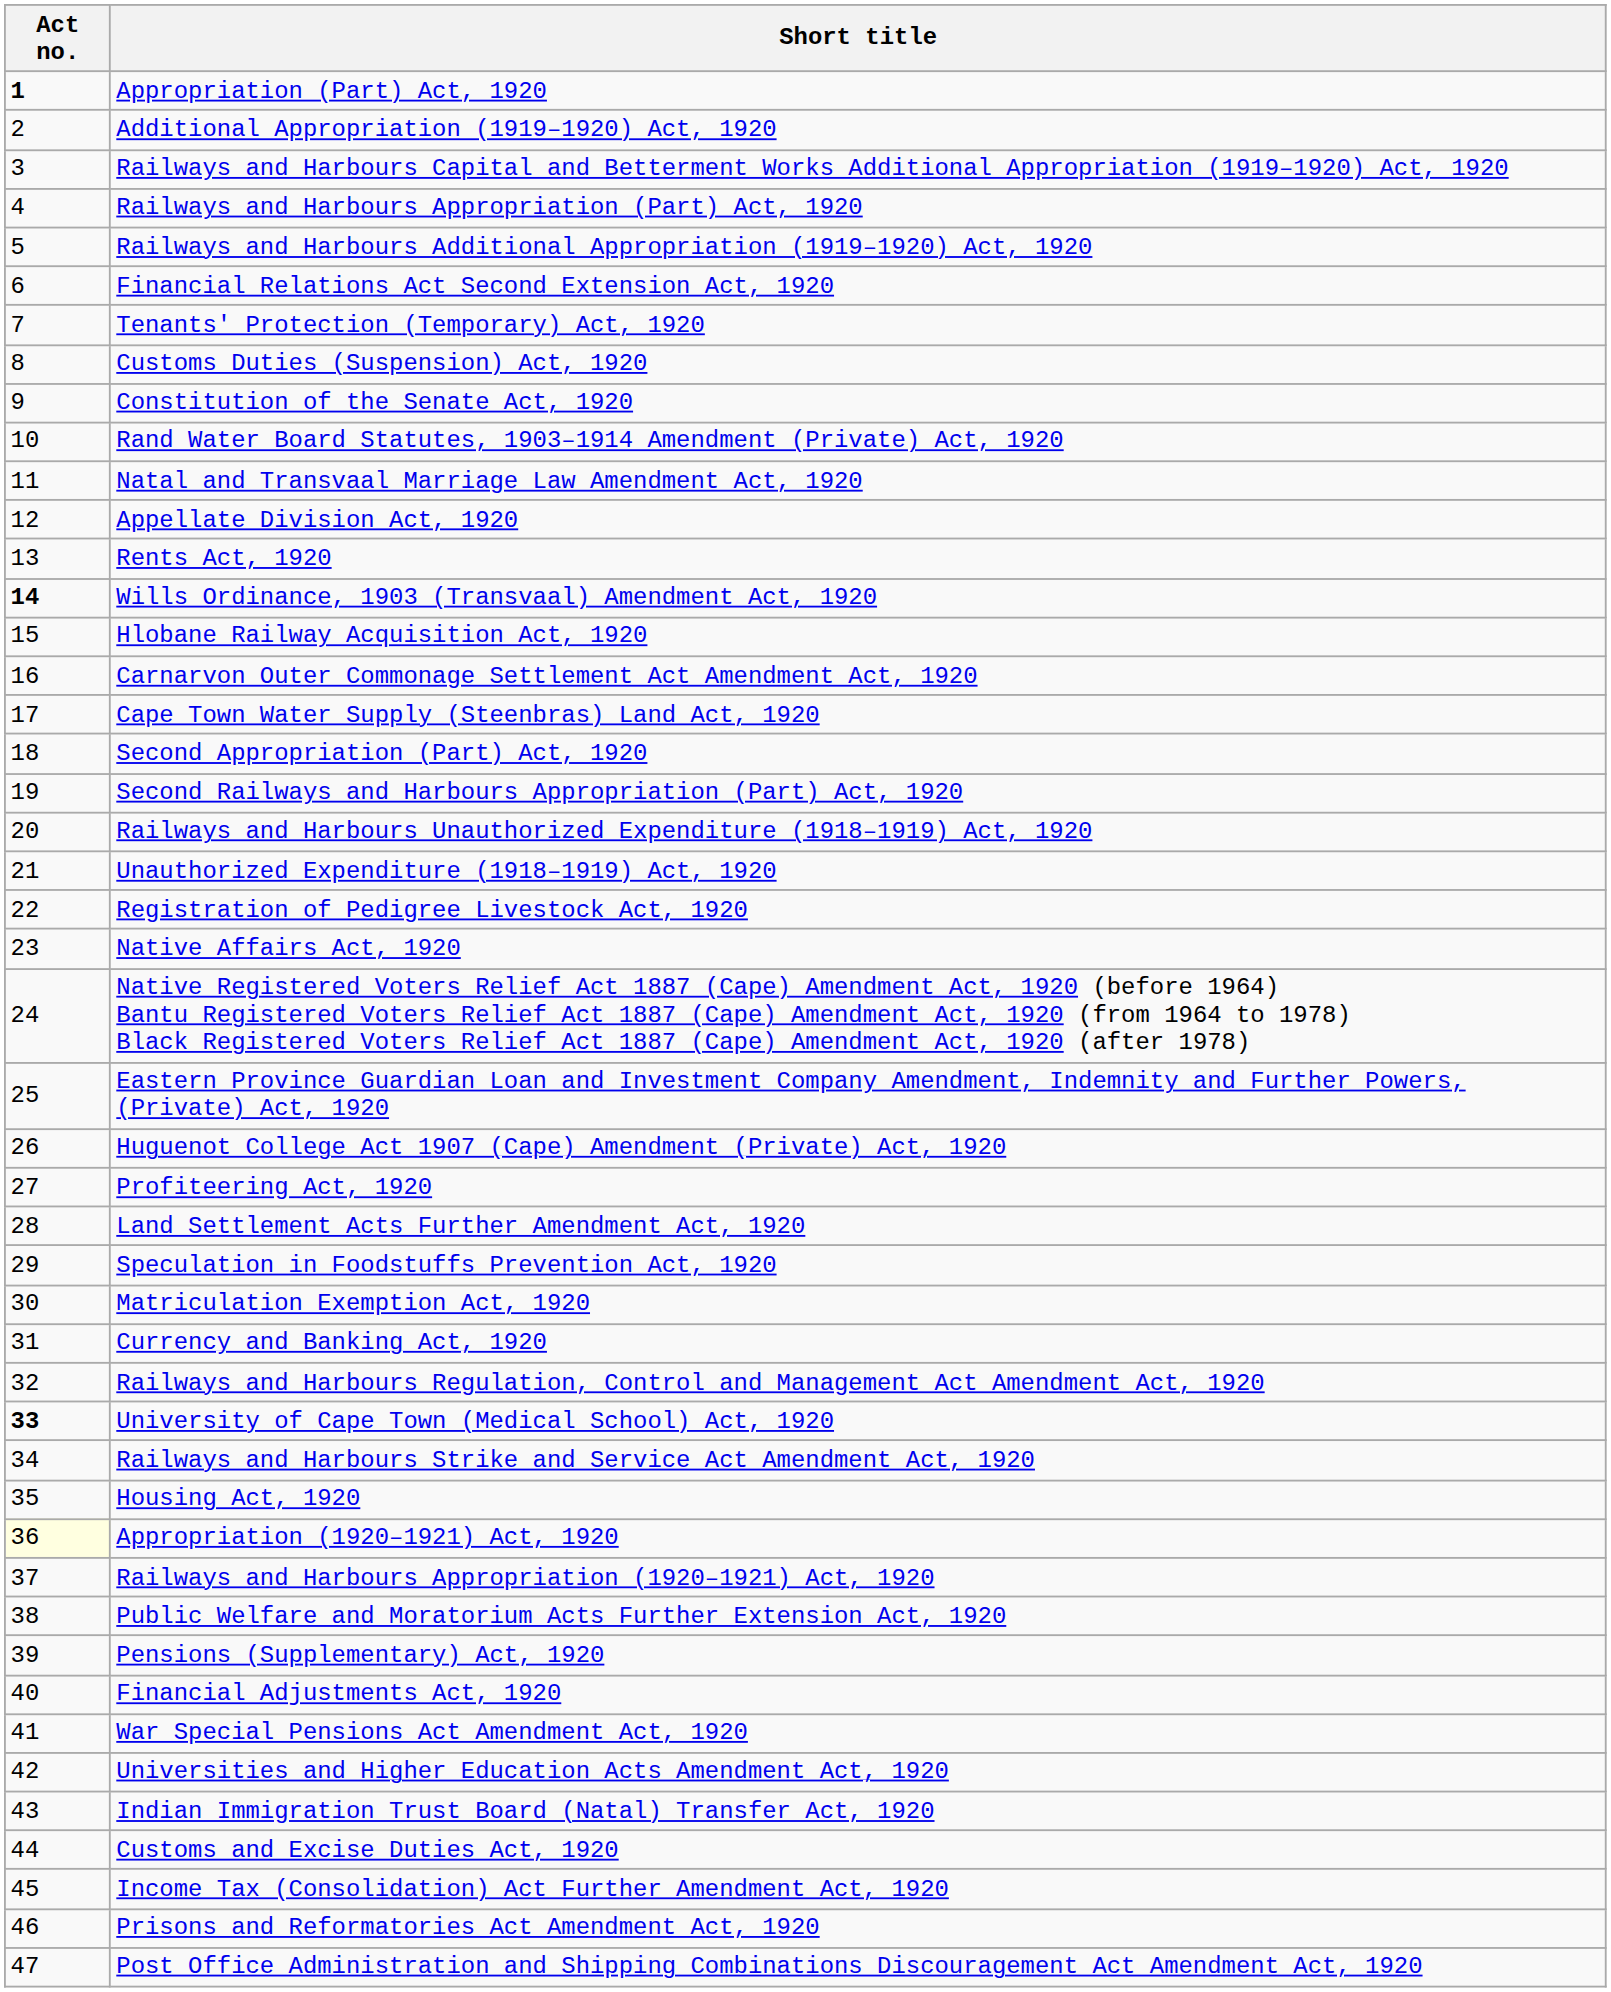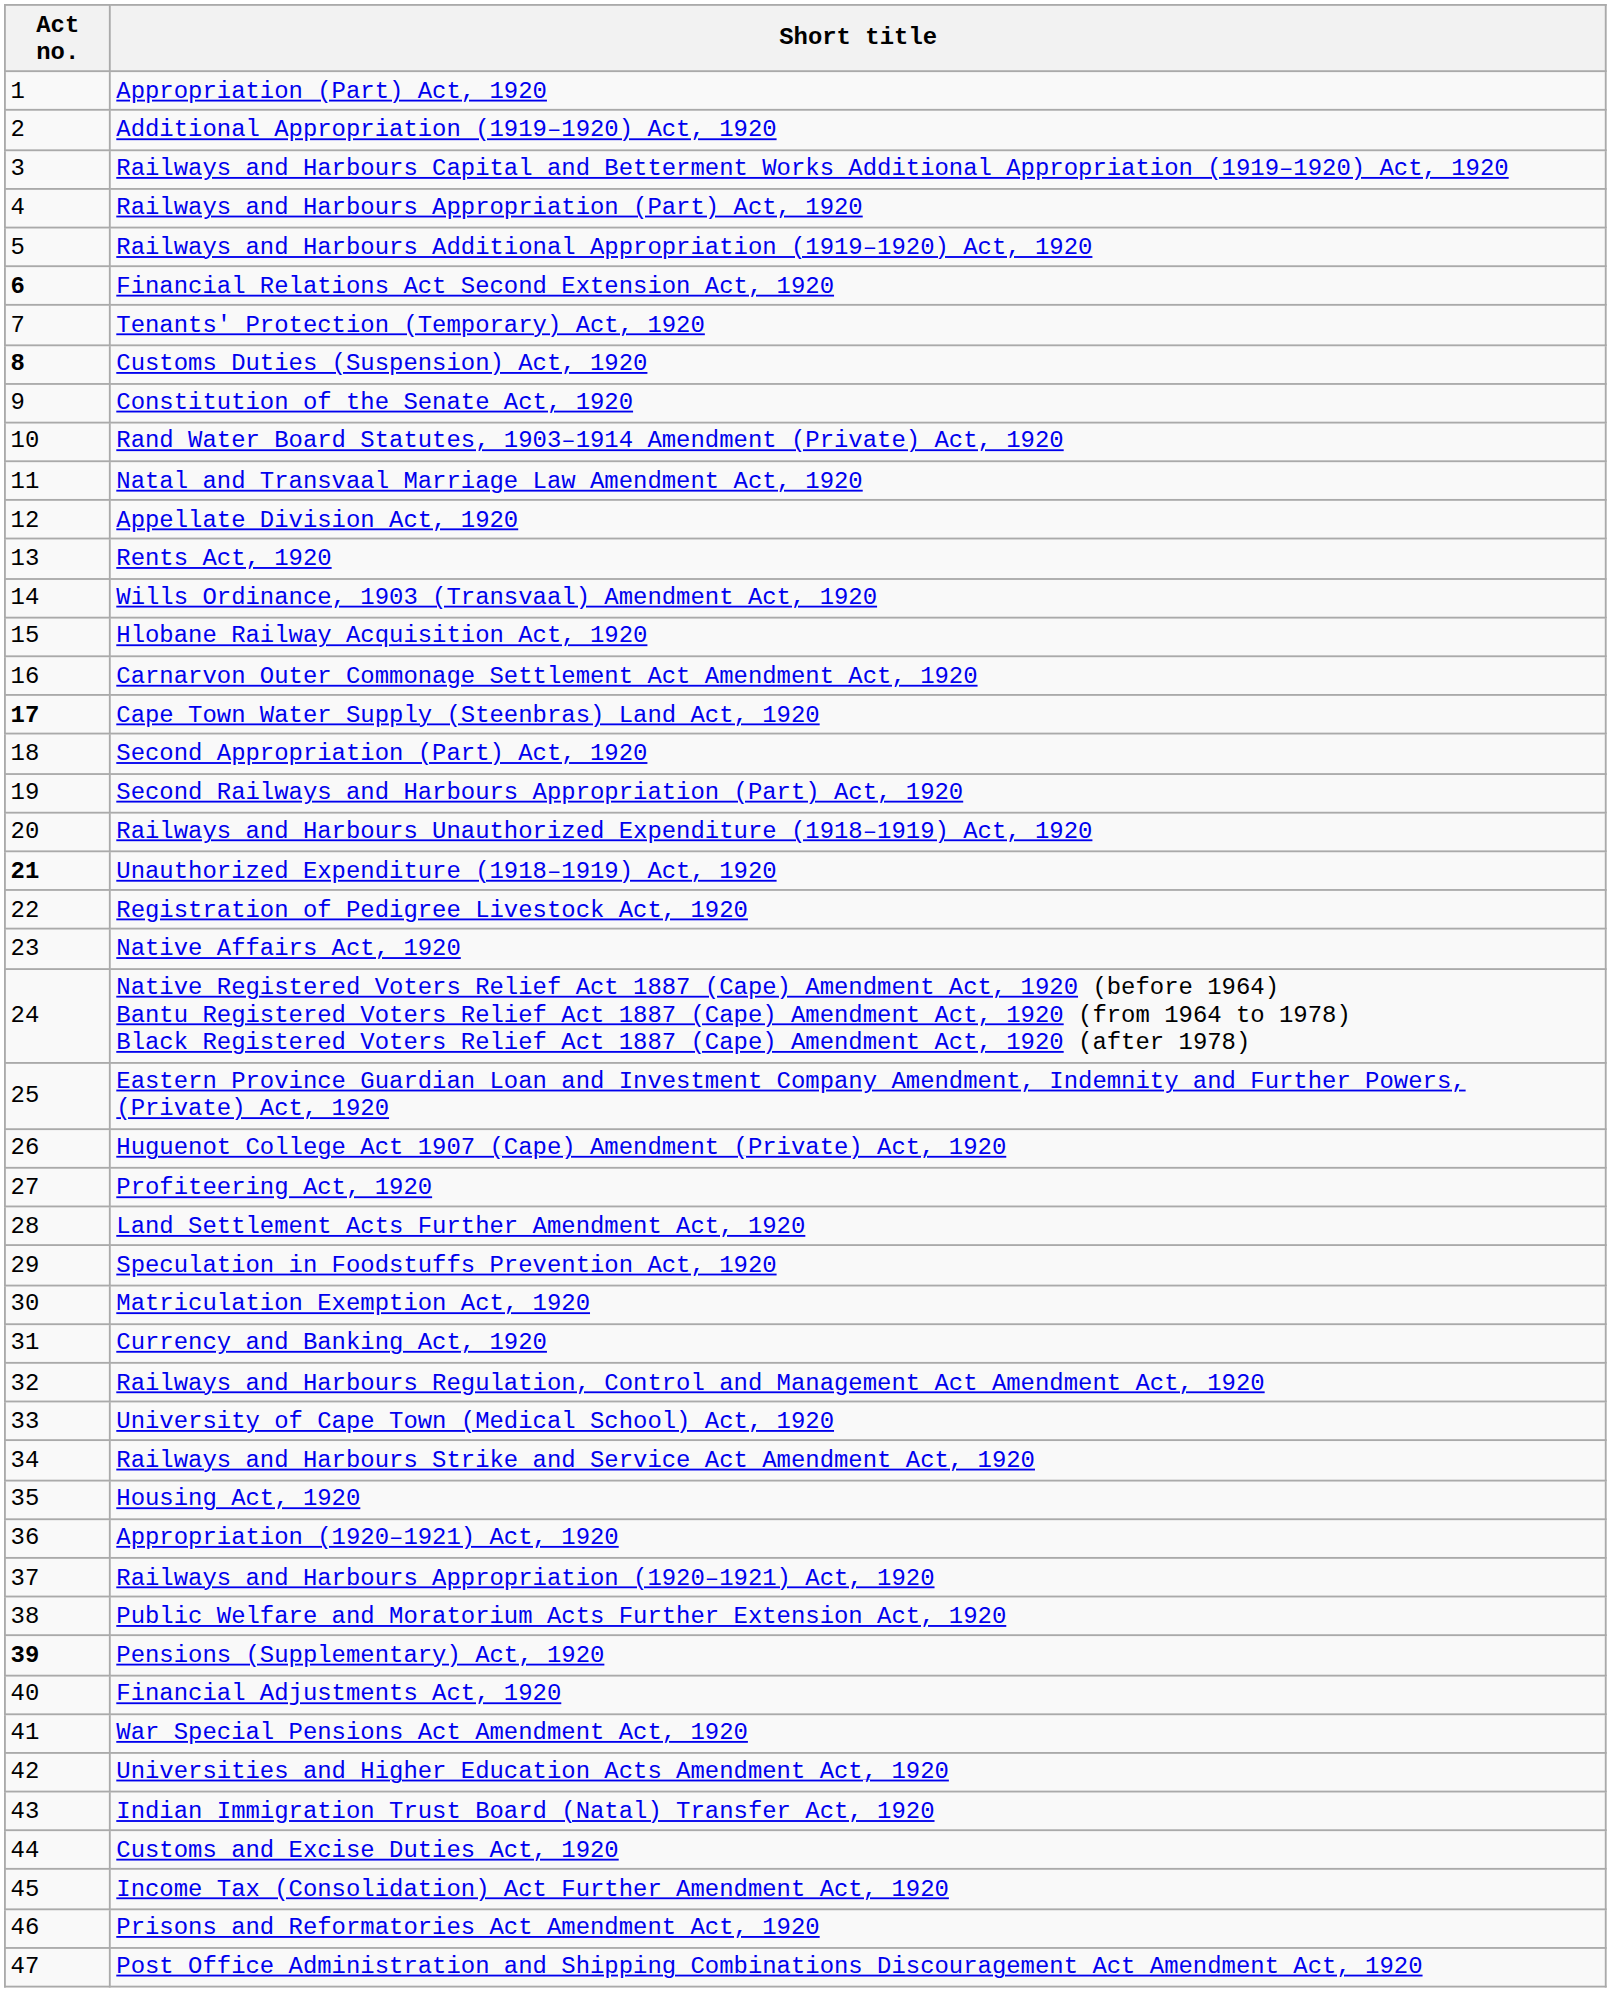 <table class="wikitable sortable">
 <tr>
 <th>Act no.</th>
 <th>Short title</th>
 </tr>
 <tr>
-<td><strong>1</strong></td>
+<td>1</td>
 <td><a href='#'>Appropriation (Part) Act, 1920</a></td>
 </tr>
 <tr>
 <td>2</td>
 <td><a href='#'>Additional Appropriation (1919–1920) Act, 1920</a></td>
 </tr>
 <tr>
 <td>3</td>
 <td><a href='#'>Railways and Harbours Capital and Betterment Works Additional Appropriation (1919–1920) Act, 1920</a></td>
 </tr>
 <tr>
 <td>4</td>
 <td><a href='#'>Railways and Harbours Appropriation (Part) Act, 1920</a></td>
 </tr>
 <tr>
 <td>5</td>
 <td><a href='#'>Railways and Harbours Additional Appropriation (1919–1920) Act, 1920</a></td>
 </tr>
 <tr>
-<td>6</td>
+<td><strong>6</strong></td>
 <td><a href='#'>Financial Relations Act Second Extension Act, 1920</a></td>
 </tr>
 <tr>
 <td>7</td>
 <td><a href='#'>Tenants' Protection (Temporary) Act, 1920</a></td>
 </tr>
 <tr>
-<td>8</td>
+<td><strong>8</strong></td>
 <td><a href='#'>Customs Duties (Suspension) Act, 1920</a></td>
 </tr>
 <tr>
 <td>9</td>
 <td><a href='#'>Constitution of the Senate Act, 1920</a></td>
 </tr>
 <tr>
 <td>10</td>
 <td><a href='#'>Rand Water Board Statutes, 1903–1914 Amendment (Private) Act, 1920</a></td>
 </tr>
 <tr>
 <td>11</td>
 <td><a href='#'>Natal and Transvaal Marriage Law Amendment Act, 1920</a></td>
 </tr>
 <tr>
 <td>12</td>
 <td><a href='#'>Appellate Division Act, 1920</a></td>
 </tr>
 <tr>
 <td>13</td>
 <td><a href='#'>Rents Act, 1920</a></td>
 </tr>
 <tr>
-<td><strong>14</strong></td>
+<td>14</td>
 <td><a href='#'>Wills Ordinance, 1903 (Transvaal) Amendment Act, 1920</a></td>
 </tr>
 <tr>
 <td>15</td>
 <td><a href='#'>Hlobane Railway Acquisition Act, 1920</a></td>
 </tr>
 <tr>
 <td>16</td>
 <td><a href='#'>Carnarvon Outer Commonage Settlement Act Amendment Act, 1920</a></td>
 </tr>
 <tr>
-<td>17</td>
+<td><strong>17</strong></td>
 <td><a href='#'>Cape Town Water Supply (Steenbras) Land Act, 1920</a></td>
 </tr>
 <tr>
 <td>18</td>
 <td><a href='#'>Second Appropriation (Part) Act, 1920</a></td>
 </tr>
 <tr>
 <td>19</td>
 <td><a href='#'>Second Railways and Harbours Appropriation (Part) Act, 1920</a></td>
 </tr>
 <tr>
 <td>20</td>
 <td><a href='#'>Railways and Harbours Unauthorized Expenditure (1918–1919) Act, 1920</a></td>
 </tr>
 <tr>
-<td>21</td>
+<td><strong>21</strong></td>
 <td><a href='#'>Unauthorized Expenditure (1918–1919) Act, 1920</a></td>
 </tr>
 <tr>
 <td>22</td>
 <td><a href='#'>Registration of Pedigree Livestock Act, 1920</a></td>
 </tr>
 <tr>
 <td>23</td>
 <td><a href='#'>Native Affairs Act, 1920</a></td>
 </tr>
 <tr>
 <td>24</td>
 <td><a href='#'>Native Registered Voters Relief Act 1887 (Cape) Amendment Act, 1920</a> (before 1964) <br><a href='#'>Bantu Registered Voters Relief Act 1887 (Cape) Amendment Act, 1920</a> (from 1964 to 1978) <br><a href='#'>Black Registered Voters Relief Act 1887 (Cape) Amendment Act, 1920</a> (after 1978)</td>
 </tr>
 <tr>
 <td>25</td>
 <td><a href='#'>Eastern Province Guardian Loan and Investment Company Amendment, Indemnity and Further Powers, (Private) Act, 1920</a></td>
 </tr>
 <tr>
 <td>26</td>
 <td><a href='#'>Huguenot College Act 1907 (Cape) Amendment (Private) Act, 1920</a></td>
 </tr>
 <tr>
 <td>27</td>
 <td><a href='#'>Profiteering Act, 1920</a></td>
 </tr>
 <tr>
 <td>28</td>
 <td><a href='#'>Land Settlement Acts Further Amendment Act, 1920</a></td>
 </tr>
 <tr>
 <td>29</td>
 <td><a href='#'>Speculation in Foodstuffs Prevention Act, 1920</a></td>
 </tr>
 <tr>
 <td>30</td>
 <td><a href='#'>Matriculation Exemption Act, 1920</a></td>
 </tr>
 <tr>
 <td>31</td>
 <td><a href='#'>Currency and Banking Act, 1920</a></td>
 </tr>
 <tr>
 <td>32</td>
 <td><a href='#'>Railways and Harbours Regulation, Control and Management Act Amendment Act, 1920</a></td>
 </tr>
 <tr>
-<td><strong>33</strong></td>
+<td>33</td>
 <td><a href='#'>University of Cape Town (Medical School) Act, 1920</a></td>
 </tr>
 <tr>
 <td>34</td>
 <td><a href='#'>Railways and Harbours Strike and Service Act Amendment Act, 1920</a></td>
 </tr>
 <tr>
 <td>35</td>
 <td><a href='#'>Housing Act, 1920</a></td>
 </tr>
 <tr>
-<td style="background: lightyellow;">36</td>
+<td>36</td>
 <td><a href='#'>Appropriation (1920–1921) Act, 1920</a></td>
 </tr>
 <tr>
 <td>37</td>
 <td><a href='#'>Railways and Harbours Appropriation (1920–1921) Act, 1920</a></td>
 </tr>
 <tr>
 <td>38</td>
 <td><a href='#'>Public Welfare and Moratorium Acts Further Extension Act, 1920</a></td>
 </tr>
 <tr>
-<td>39</td>
+<td><strong>39</strong></td>
 <td><a href='#'>Pensions (Supplementary) Act, 1920</a></td>
 </tr>
 <tr>
 <td>40</td>
 <td><a href='#'>Financial Adjustments Act, 1920</a></td>
 </tr>
 <tr>
 <td>41</td>
 <td><a href='#'>War Special Pensions Act Amendment Act, 1920</a></td>
 </tr>
 <tr>
 <td>42</td>
 <td><a href='#'>Universities and Higher Education Acts Amendment Act, 1920</a></td>
 </tr>
 <tr>
 <td>43</td>
 <td><a href='#'>Indian Immigration Trust Board (Natal) Transfer Act, 1920</a></td>
 </tr>
 <tr>
 <td>44</td>
 <td><a href='#'>Customs and Excise Duties Act, 1920</a></td>
 </tr>
 <tr>
 <td>45</td>
 <td><a href='#'>Income Tax (Consolidation) Act Further Amendment Act, 1920</a></td>
 </tr>
 <tr>
 <td>46</td>
 <td><a href='#'>Prisons and Reformatories Act Amendment Act, 1920</a></td>
 </tr>
 <tr>
 <td>47</td>
 <td><a href='#'>Post Office Administration and Shipping Combinations Discouragement Act Amendment Act, 1920</a></td>
 </tr>
 </table>
